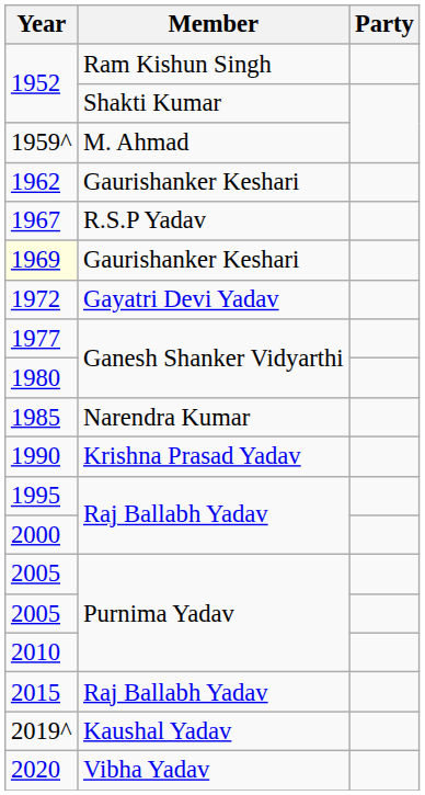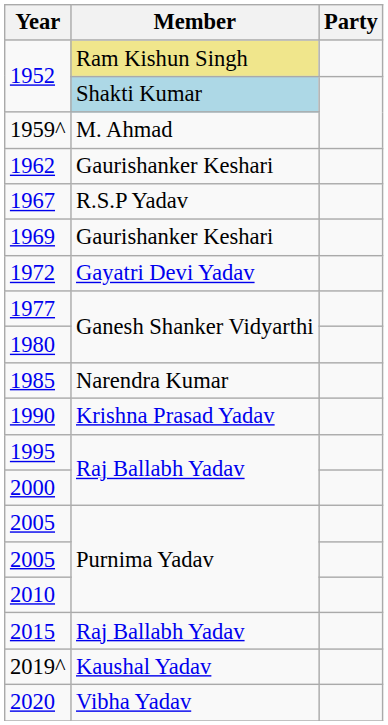 <table class="wikitable sortable">
 <tr>
 <th>Year</th>
 <th>Member</th>
 <th colspan="2">Party</th>
 </tr>
 <tr>
 <td rowspan="2"><a href='#'>1952</a></td>
-<td>Ram Kishun Singh</td>
+<td style="background: khaki;">Ram Kishun Singh</td>
 <td></td>
 </tr>
 <tr>
-<td>Shakti Kumar</td>
+<td style="background: lightblue;">Shakti Kumar</td>
 </tr>
 <tr>
 <td>1959^</td>
 <td>M. Ahmad</td>
 </tr>
 <tr>
 <td><a href='#'>1962</a></td>
 <td>Gaurishanker Keshari</td>
 <td></td>
 </tr>
 <tr>
 <td><a href='#'>1967</a></td>
 <td>R.S.P Yadav</td>
 <td></td>
 </tr>
 <tr>
-<td style="background: lightyellow;"><a href='#'>1969</a></td>
+<td><a href='#'>1969</a></td>
 <td>Gaurishanker Keshari</td>
 <td></td>
 </tr>
 <tr>
 <td><a href='#'>1972</a></td>
 <td><a href='#'>Gayatri Devi Yadav</a></td>
 <td></td>
 </tr>
 <tr>
 <td><a href='#'>1977</a></td>
 <td rowspan="2">Ganesh Shanker Vidyarthi</td>
 <td></td>
 </tr>
 <tr>
 <td><a href='#'>1980</a></td>
 </tr>
 <tr>
 <td><a href='#'>1985</a></td>
 <td>Narendra Kumar</td>
 <td></td>
 </tr>
 <tr>
 <td><a href='#'>1990</a></td>
 <td><a href='#'>Krishna Prasad Yadav</a></td>
 <td></td>
 </tr>
 <tr>
 <td><a href='#'>1995</a></td>
 <td rowspan="2"><a href='#'>Raj Ballabh Yadav</a></td>
 <td></td>
 </tr>
 <tr>
 <td><a href='#'>2000</a></td>
 <td></td>
 </tr>
 <tr>
 <td><a href='#'>2005</a></td>
 <td rowspan="3">Purnima Yadav</td>
 <td></td>
 </tr>
 <tr>
 <td><a href='#'>2005</a></td>
 </tr>
 <tr>
 <td><a href='#'>2010</a></td>
 <td></td>
 </tr>
 <tr>
 <td><a href='#'>2015</a></td>
 <td><a href='#'>Raj Ballabh Yadav</a></td>
 <td></td>
 </tr>
 <tr>
 <td>2019^</td>
 <td><a href='#'>Kaushal Yadav</a></td>
 <td></td>
 </tr>
 <tr>
 <td><a href='#'>2020</a></td>
 <td><a href='#'>Vibha Yadav</a></td>
 <td></td>
 </tr>
 </table>
